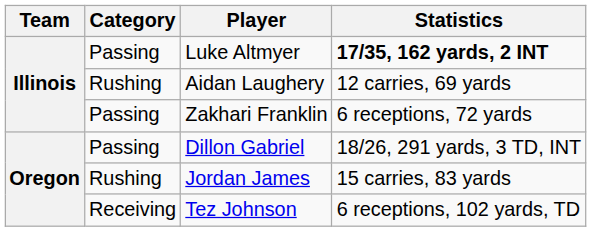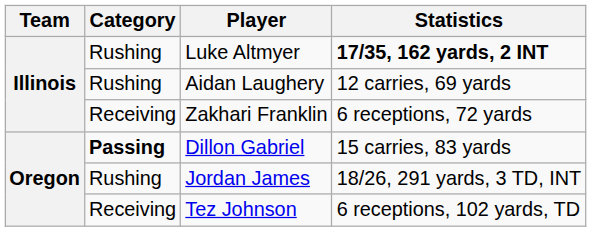 <table class="wikitable" style="float:right">
 <tr>
 <th>Team</th>
 <th>Category</th>
 <th>Player</th>
 <th>Statistics</th>
 </tr>
 <tr>
 <th rowspan=3>Illinois</th>
-<td>Passing</td>
+<td>Rushing</td>
 <td>Luke Altmyer</td>
 <td><strong>17/35, 162 yards, 2 INT</strong></td>
 </tr>
 <tr>
 <td>Rushing</td>
 <td>Aidan Laughery</td>
 <td>12 carries, 69 yards</td>
 </tr>
 <tr>
-<td>Passing</td>
+<td>Receiving</td>
 <td>Zakhari Franklin</td>
 <td>6 receptions, 72 yards</td>
 </tr>
 <tr>
 <th rowspan=3>Oregon</th>
-<td>Passing</td>
+<td><strong>Passing</strong></td>
 <td><a href='#'>Dillon Gabriel</a></td>
-<td>18/26, 291 yards, 3 TD, INT</td>
+<td>15 carries, 83 yards</td>
 </tr>
 <tr>
 <td>Rushing</td>
 <td><a href='#'>Jordan James</a></td>
-<td>15 carries, 83 yards</td>
+<td>18/26, 291 yards, 3 TD, INT</td>
 </tr>
 <tr>
 <td>Receiving</td>
 <td><a href='#'>Tez Johnson</a></td>
 <td>6 receptions, 102 yards, TD</td>
 </tr>
 </table>
